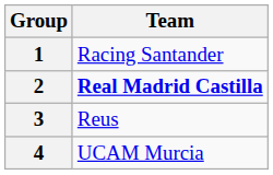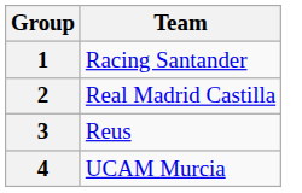 <table class="wikitable">
 <tr>
 <th>Group</th>
 <th>Team</th>
 </tr>
 <tr>
 <th>1</th>
 <td><a href='#'>Racing Santander</a></td>
 </tr>
 <tr>
 <th>2</th>
-<td><strong><a href='#'>Real Madrid Castilla</a></strong></td>
+<td><a href='#'>Real Madrid Castilla</a></td>
 </tr>
 <tr>
 <th>3</th>
 <td><a href='#'>Reus</a></td>
 </tr>
 <tr>
 <th>4</th>
 <td><a href='#'>UCAM Murcia</a></td>
 </tr>
 </table>
